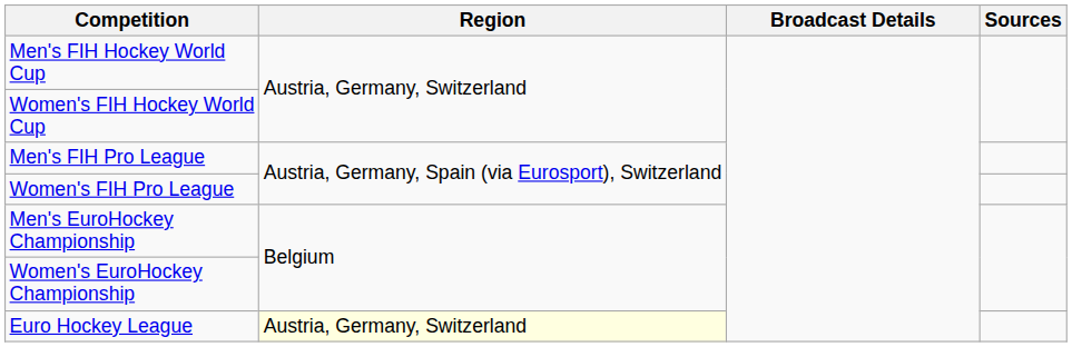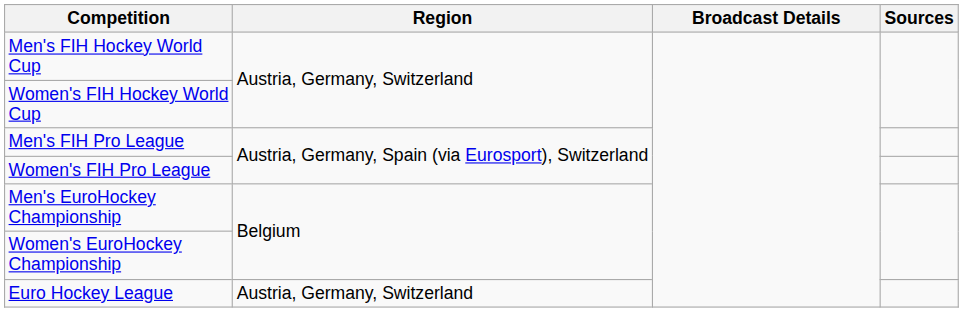 <table class="wikitable">
 <tr>
 <th width="200">Competition</th>
 <th>Region</th>
 <th width="200">Broadcast Details</th>
 <th>Sources</th>
 </tr>
 <tr>
 <td><a href='#'>Men's FIH Hockey World Cup</a></td>
 <td rowspan="2">Austria, Germany, Switzerland</td>
 <td rowspan="7"></td>
 </tr>
 <tr>
 <td><a href='#'>Women's FIH Hockey World Cup</a></td>
 </tr>
 <tr>
 <td><a href='#'>Men's FIH Pro League</a></td>
 <td rowspan="2">Austria, Germany, Spain (via <a href='#'>Eurosport</a>), Switzerland</td>
 <td></td>
 </tr>
 <tr>
 <td><a href='#'>Women's FIH Pro League</a></td>
 <td></td>
 </tr>
 <tr>
 <td><a href='#'>Men's EuroHockey Championship</a></td>
 <td rowspan="2">Belgium</td>
 <td rowspan="2"></td>
 </tr>
 <tr>
 <td><a href='#'>Women's EuroHockey Championship</a></td>
 </tr>
 <tr>
 <td><a href='#'>Euro Hockey League</a></td>
-<td style="background: lightyellow;">Austria, Germany, Switzerland</td>
+<td>Austria, Germany, Switzerland</td>
 <td></td>
 </tr>
 </table>
